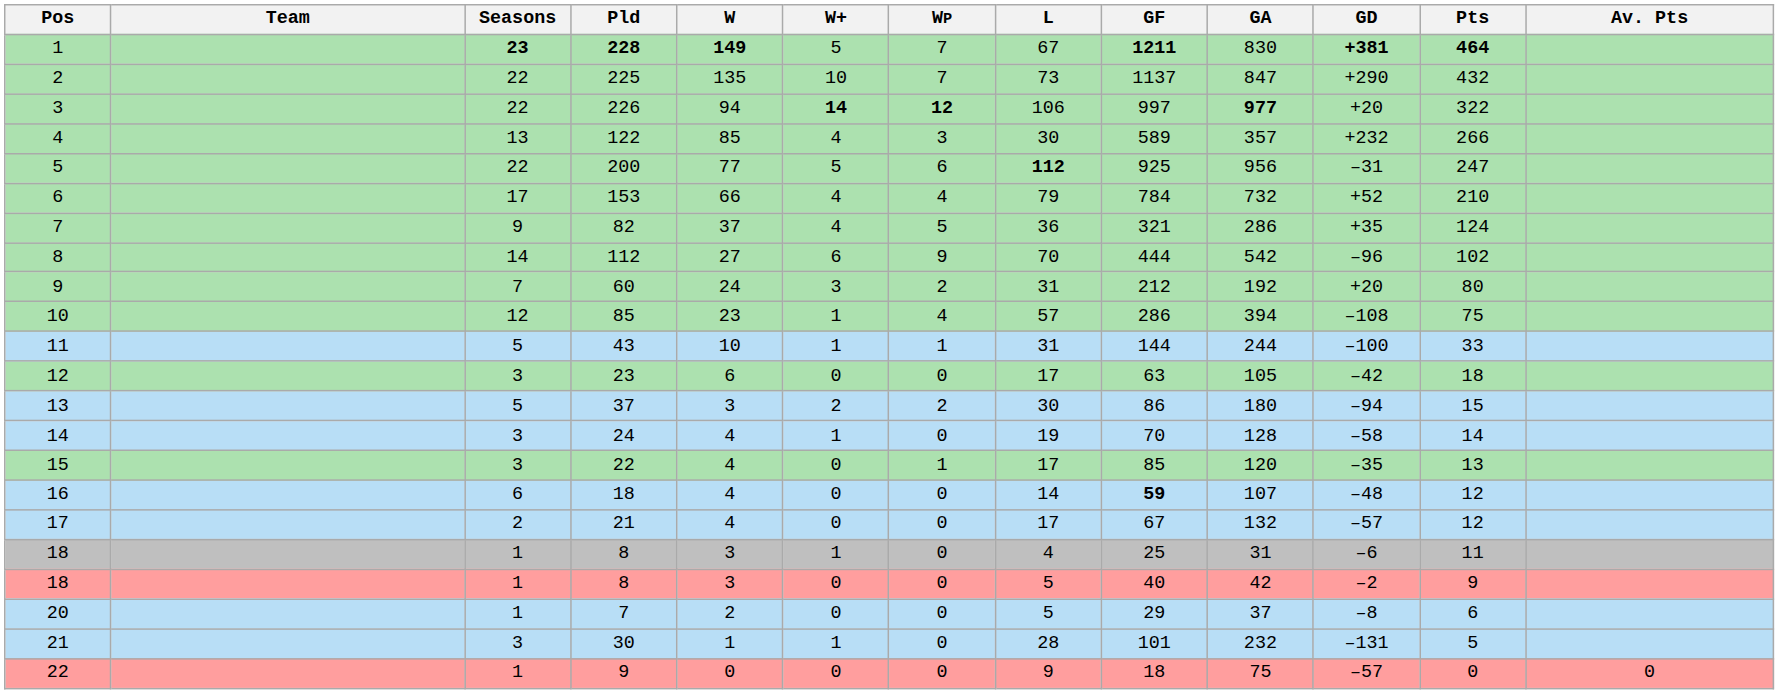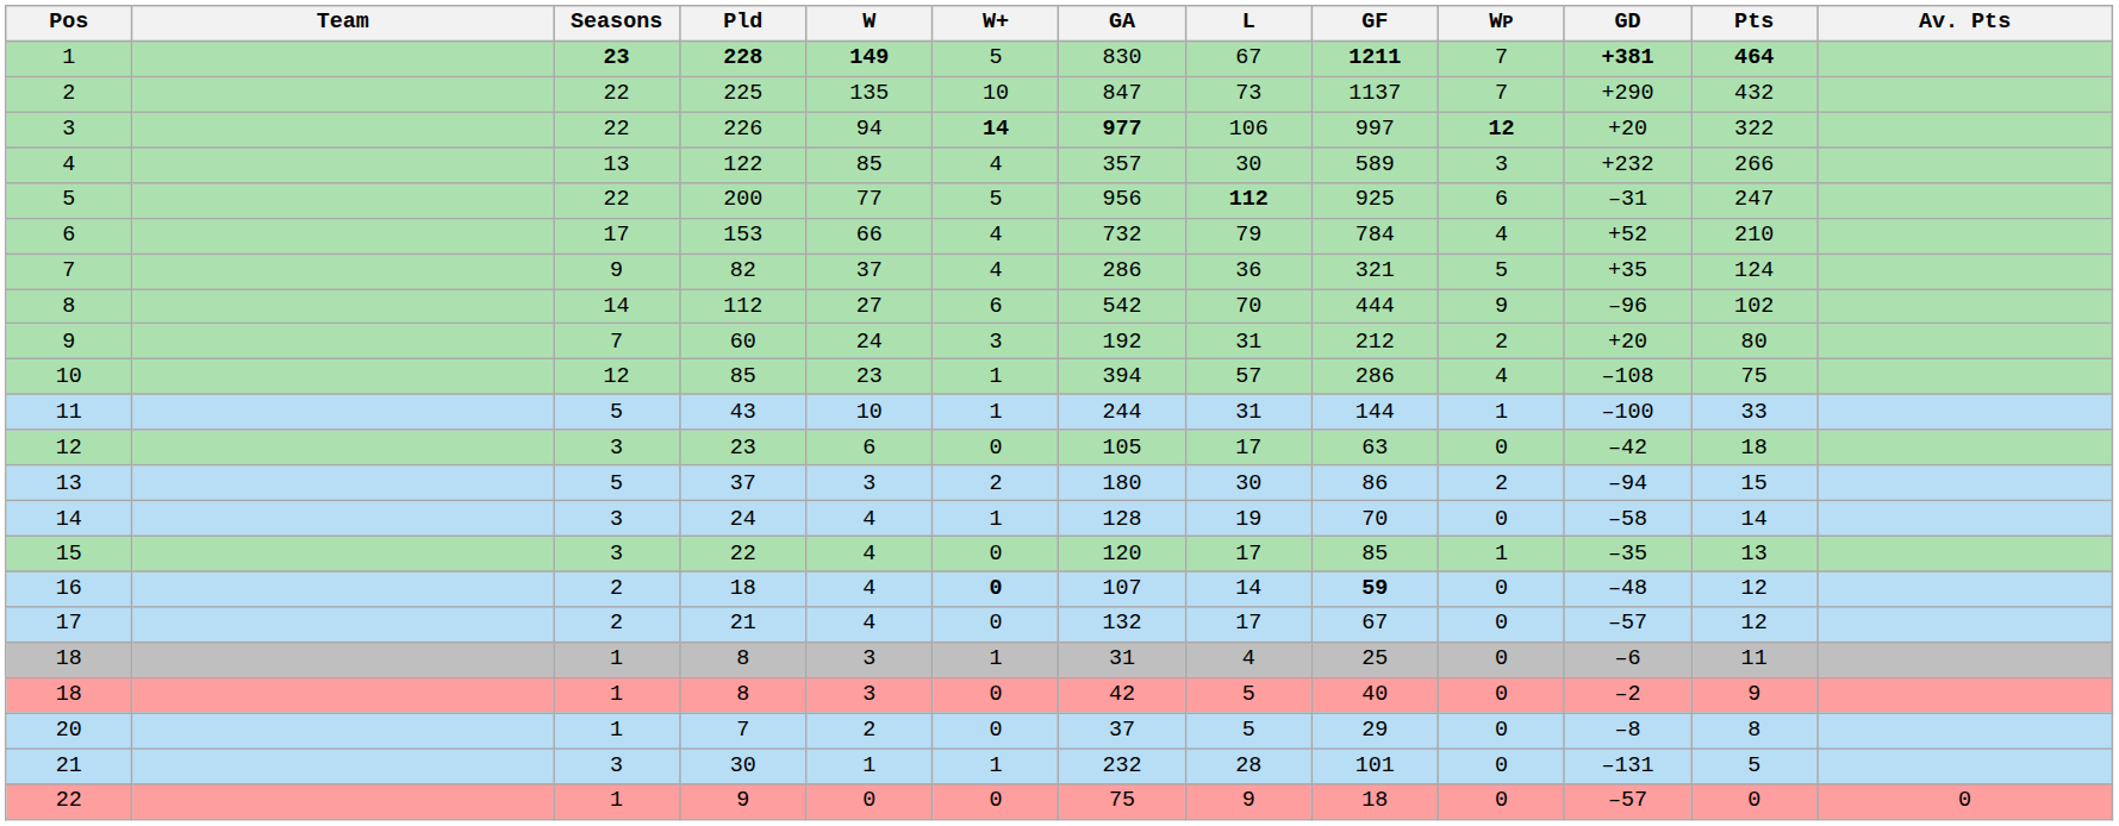 <table class="wikitable sortable mw-collapsible" width=75% style="text-align:center; font-size: 95%">
 <tr>
 <th width=6%>Pos</th>
 <th width=20%>Team</th>
 <th width=6%>Seasons</th>
 <th width=6%>Pld</th>
 <th width=6%>W</th>
 <th width=6%>W+</th>
-<th width=6%>W<small>P</small></th>
+<th width=6%>GA</th>
 <th width=6%>L</th>
 <th width=6%>GF</th>
-<th width=6%>GA</th>
+<th width=6%>W<small>P</small></th>
 <th width=6%>GD</th>
 <th width=6%>Pts</th>
 <th width=14%>Av. Pts</th>
 </tr>
 <tr style="background:#ace1af;">
 <td>1</td>
 <td style="text-align:left;"><strong></strong></td>
 <td><strong>23</strong></td>
 <td><strong>228</strong></td>
 <td><strong>149</strong></td>
 <td>5</td>
-<td>7</td>
+<td>830</td>
 <td>67</td>
 <td><strong>1211</strong></td>
-<td>830</td>
+<td>7</td>
 <td><strong>+381</strong></td>
 <td><strong>464</strong></td>
 <td></td>
 </tr>
 <tr style="background:#ace1af;">
 <td>2</td>
 <td style="text-align:left;"><strong></strong></td>
 <td>22</td>
 <td>225</td>
 <td>135</td>
 <td>10</td>
-<td>7</td>
+<td>847</td>
 <td>73</td>
 <td>1137</td>
-<td>847</td>
+<td>7</td>
 <td>+290</td>
 <td>432</td>
 <td></td>
 </tr>
 <tr style="background:#ace1af;">
 <td>3</td>
 <td style="text-align:left;"><strong></strong></td>
 <td>22</td>
 <td>226</td>
 <td>94</td>
 <td><strong>14</strong></td>
-<td><strong>12</strong></td>
+<td><strong>977</strong></td>
 <td>106</td>
 <td>997</td>
-<td><strong>977</strong></td>
+<td><strong>12</strong></td>
 <td>+20</td>
 <td>322</td>
 <td></td>
 </tr>
 <tr style="background:#ace1af;">
 <td>4</td>
 <td style="text-align:left;"><strong></strong></td>
 <td>13</td>
 <td>122</td>
 <td>85</td>
 <td>4</td>
-<td>3</td>
+<td>357</td>
 <td>30</td>
 <td>589</td>
-<td>357</td>
+<td>3</td>
 <td>+232</td>
 <td>266</td>
 <td><strong></strong></td>
 </tr>
 <tr style="background:#ace1af;">
 <td>5</td>
 <td style="text-align:left;"><strong></strong></td>
 <td>22</td>
 <td>200</td>
 <td>77</td>
 <td>5</td>
-<td>6</td>
+<td>956</td>
 <td><strong>112</strong></td>
 <td>925</td>
-<td>956</td>
+<td>6</td>
 <td>–31</td>
 <td>247</td>
 <td></td>
 </tr>
 <tr style="background:#ace1af;">
 <td>6</td>
 <td style="text-align:left;"><strong></strong></td>
 <td>17</td>
 <td>153</td>
 <td>66</td>
 <td>4</td>
-<td>4</td>
+<td>732</td>
 <td>79</td>
 <td>784</td>
-<td>732</td>
+<td>4</td>
 <td>+52</td>
 <td>210</td>
 <td></td>
 </tr>
 <tr style="background:#ace1af;">
 <td>7</td>
 <td style="text-align:left;"><strong></strong></td>
 <td>9</td>
 <td>82</td>
 <td>37</td>
 <td>4</td>
-<td>5</td>
+<td>286</td>
 <td>36</td>
 <td>321</td>
-<td>286</td>
+<td>5</td>
 <td>+35</td>
 <td>124</td>
 <td></td>
 </tr>
 <tr style="background:#ace1af;">
 <td>8</td>
 <td style="text-align:left;"><strong></strong></td>
 <td>14</td>
 <td>112</td>
 <td>27</td>
 <td>6</td>
-<td>9</td>
+<td>542</td>
 <td>70</td>
 <td>444</td>
-<td>542</td>
+<td>9</td>
 <td>–96</td>
 <td>102</td>
 <td></td>
 </tr>
 <tr style="background:#ace1af;">
 <td>9</td>
 <td style="text-align:left;"><strong></strong></td>
 <td>7</td>
 <td>60</td>
 <td>24</td>
 <td>3</td>
-<td>2</td>
+<td>192</td>
 <td>31</td>
 <td>212</td>
-<td>192</td>
+<td>2</td>
 <td>+20</td>
 <td>80</td>
 <td></td>
 </tr>
 <tr style="background:#ace1af;">
 <td>10</td>
 <td style="text-align:left;"><strong></strong></td>
 <td>12</td>
 <td>85</td>
 <td>23</td>
 <td>1</td>
-<td>4</td>
+<td>394</td>
 <td>57</td>
 <td>286</td>
-<td>394</td>
+<td>4</td>
 <td>–108</td>
 <td>75</td>
 <td></td>
 </tr>
 <tr style="background-color: #b8def6">
 <td>11</td>
 <td style="text-align:left;"></td>
 <td>5</td>
 <td>43</td>
 <td>10</td>
 <td>1</td>
-<td>1</td>
+<td>244</td>
 <td>31</td>
 <td>144</td>
-<td>244</td>
+<td>1</td>
 <td>–100</td>
 <td>33</td>
 <td></td>
 </tr>
 <tr style="background:#ace1af;">
 <td>12</td>
 <td style="text-align:left;"><strong></strong></td>
 <td>3</td>
 <td>23</td>
 <td>6</td>
 <td>0</td>
-<td>0</td>
+<td>105</td>
 <td>17</td>
 <td>63</td>
-<td>105</td>
+<td>0</td>
 <td>–42</td>
 <td>18</td>
 <td></td>
 </tr>
 <tr style="background-color: #b8def6">
 <td>13</td>
 <td style="text-align:left;"></td>
 <td>5</td>
 <td>37</td>
 <td>3</td>
 <td>2</td>
-<td>2</td>
+<td>180</td>
 <td>30</td>
 <td>86</td>
-<td>180</td>
+<td>2</td>
 <td>–94</td>
 <td>15</td>
 <td></td>
 </tr>
 <tr style="background-color: #b8def6">
 <td>14</td>
 <td style="text-align:left;"></td>
 <td>3</td>
 <td>24</td>
 <td>4</td>
 <td>1</td>
-<td>0</td>
+<td>128</td>
 <td>19</td>
 <td>70</td>
-<td>128</td>
+<td>0</td>
 <td>–58</td>
 <td>14</td>
 <td></td>
 </tr>
 <tr style="background:#ace1af;">
 <td>15</td>
 <td style="text-align:left;"><strong></strong></td>
 <td>3</td>
 <td>22</td>
 <td>4</td>
 <td>0</td>
-<td>1</td>
+<td>120</td>
 <td>17</td>
 <td>85</td>
-<td>120</td>
+<td>1</td>
 <td>–35</td>
 <td>13</td>
 <td></td>
 </tr>
 <tr style="background-color: #b8def6">
 <td>16</td>
 <td style="text-align:left;"></td>
-<td>6</td>
+<td>2</td>
 <td>18</td>
 <td>4</td>
-<td>0</td>
-<td>0</td>
+<td><strong>0</strong></td>
+<td>107</td>
 <td>14</td>
 <td><strong>59</strong></td>
-<td>107</td>
+<td>0</td>
 <td>–48</td>
 <td>12</td>
 <td></td>
 </tr>
 <tr style="background-color: #b8def6">
 <td>17</td>
 <td style="text-align:left;"></td>
 <td>2</td>
 <td>21</td>
 <td>4</td>
 <td>0</td>
-<td>0</td>
+<td>132</td>
 <td>17</td>
 <td>67</td>
-<td>132</td>
+<td>0</td>
 <td>–57</td>
 <td>12</td>
 <td></td>
 </tr>
 <tr bgcolor=#bfbfbf>
 <td>18</td>
 <td style="text-align:left;"></td>
 <td>1</td>
 <td>8</td>
 <td>3</td>
 <td>1</td>
-<td>0</td>
+<td>31</td>
 <td>4</td>
 <td>25</td>
-<td>31</td>
+<td>0</td>
 <td>–6</td>
 <td>11</td>
 <td></td>
 </tr>
 <tr bgcolor=#ff9e9e>
 <td>18</td>
 <td style="text-align:left;"></td>
 <td>1</td>
 <td>8</td>
 <td>3</td>
 <td>0</td>
-<td>0</td>
+<td>42</td>
 <td>5</td>
 <td>40</td>
-<td>42</td>
+<td>0</td>
 <td>–2</td>
 <td>9</td>
 <td></td>
 </tr>
 <tr style="background-color: #b8def6">
 <td>20</td>
 <td style="text-align:left;"></td>
 <td>1</td>
 <td>7</td>
 <td>2</td>
 <td>0</td>
-<td>0</td>
+<td>37</td>
 <td>5</td>
 <td>29</td>
-<td>37</td>
+<td>0</td>
 <td>–8</td>
-<td>6</td>
+<td>8</td>
 <td></td>
 </tr>
 <tr style="background-color: #b8def6">
 <td>21</td>
 <td style="text-align:left;"></td>
 <td>3</td>
 <td>30</td>
 <td>1</td>
 <td>1</td>
-<td>0</td>
+<td>232</td>
 <td>28</td>
 <td>101</td>
-<td>232</td>
+<td>0</td>
 <td>–131</td>
 <td>5</td>
 <td></td>
 </tr>
 <tr bgcolor=#ff9e9e>
 <td>22</td>
 <td style="text-align:left;"></td>
 <td>1</td>
 <td>9</td>
 <td>0</td>
 <td>0</td>
-<td>0</td>
+<td>75</td>
 <td>9</td>
 <td>18</td>
-<td>75</td>
+<td>0</td>
 <td>–57</td>
 <td>0</td>
 <td>0</td>
 </tr>
 </table>
